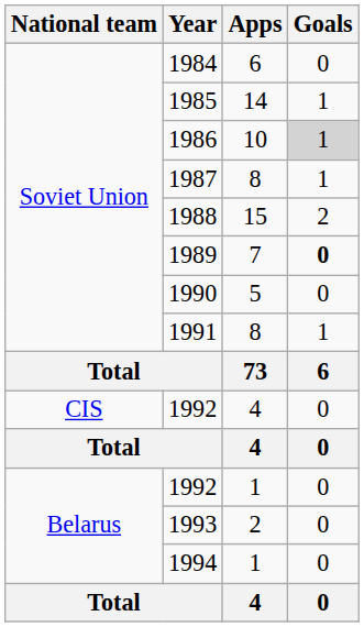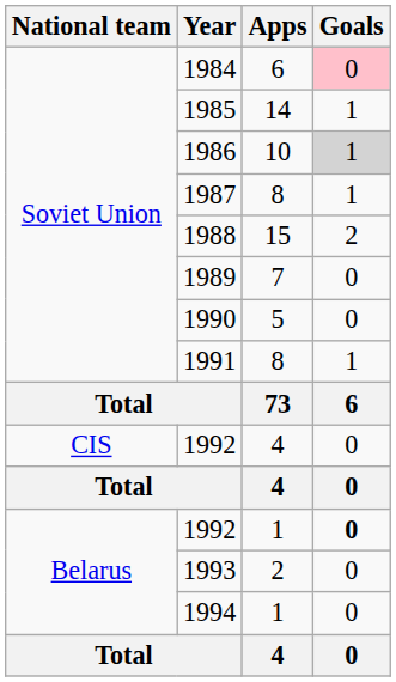 <table class="wikitable" style="text-align:center">
 <tr>
 <th>National team</th>
 <th>Year</th>
 <th>Apps</th>
 <th>Goals</th>
 </tr>
 <tr>
 <td rowspan="8"><a href='#'>Soviet Union</a></td>
 <td>1984</td>
 <td>6</td>
-<td>0</td>
+<td style="background: pink;">0</td>
 </tr>
 <tr>
 <td>1985</td>
 <td>14</td>
 <td>1</td>
 </tr>
 <tr>
 <td>1986</td>
 <td>10</td>
 <td style="background: lightgrey;">1</td>
 </tr>
 <tr>
 <td>1987</td>
 <td>8</td>
 <td>1</td>
 </tr>
 <tr>
 <td>1988</td>
 <td>15</td>
 <td>2</td>
 </tr>
 <tr>
 <td>1989</td>
 <td>7</td>
-<td><strong>0</strong></td>
+<td>0</td>
 </tr>
 <tr>
 <td>1990</td>
 <td>5</td>
 <td>0</td>
 </tr>
 <tr>
 <td>1991</td>
 <td>8</td>
 <td>1</td>
 </tr>
 <tr>
 <th colspan="2">Total</th>
 <th>73</th>
 <th>6</th>
 </tr>
 <tr>
 <td><a href='#'>CIS</a></td>
 <td>1992</td>
 <td>4</td>
 <td>0</td>
 </tr>
 <tr>
 <th colspan="2">Total</th>
 <th>4</th>
 <th>0</th>
 </tr>
 <tr>
 <td rowspan="3"><a href='#'>Belarus</a></td>
 <td>1992</td>
 <td>1</td>
-<td>0</td>
+<td><strong>0</strong></td>
 </tr>
 <tr>
 <td>1993</td>
 <td>2</td>
 <td>0</td>
 </tr>
 <tr>
 <td>1994</td>
 <td>1</td>
 <td>0</td>
 </tr>
 <tr>
 <th colspan="2">Total</th>
 <th>4</th>
 <th>0</th>
 </tr>
 </table>
